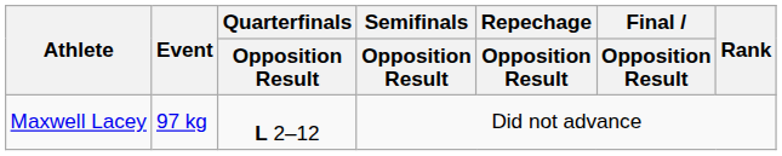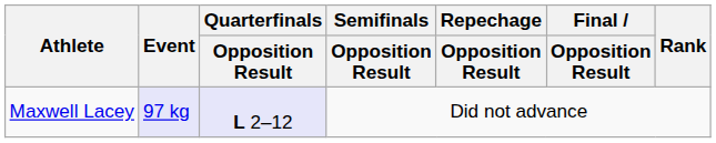 <table class="wikitable" border="1" style="font-size:90%">
 <tr>
 <th rowspan=2>Athlete</th>
 <th rowspan=2>Event</th>
 <th>Quarterfinals</th>
 <th>Semifinals</th>
 <th>Repechage</th>
 <th>Final / </th>
 <th rowspan=2>Rank</th>
 </tr>
 <tr>
 <th>Opposition<br>Result</th>
 <th>Opposition<br>Result</th>
 <th>Opposition<br>Result</th>
 <th>Opposition<br>Result</th>
 </tr>
 <tr align=center>
 <td align=left><a href='#'>Maxwell Lacey</a></td>
-<td align=left><a href='#'>97 kg</a></td>
-<td><br><strong>L</strong> 2–12</td>
+<td align=left style="background: lavender;"><a href='#'>97 kg</a></td>
+<td style="background: lavender;"><br><strong>L</strong> 2–12</td>
 <td colspan=4>Did not advance</td>
 </tr>
 </table>
